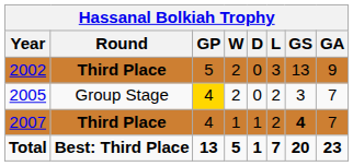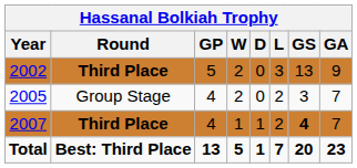 <table class="wikitable" style="text-align: center;font-size:100%;">
 <tr>
 <th colspan=8> <a href='#'>Hassanal Bolkiah Trophy</a></th>
 </tr>
 <tr>
 <th>Year</th>
 <th>Round</th>
 <th>GP</th>
 <th>W</th>
 <th>D</th>
 <th>L</th>
 <th>GS</th>
 <th>GA</th>
 </tr>
 <tr style="background:#CD7F32;">
 <td><a href='#'>2002</a></td>
 <td><strong>Third Place</strong></td>
 <td>5</td>
 <td>2</td>
 <td>0</td>
 <td>3</td>
 <td>13</td>
 <td>9</td>
 </tr>
 <tr>
 <td><a href='#'>2005</a></td>
 <td>Group Stage</td>
-<td style="background: gold;">4</td>
+<td>4</td>
 <td>2</td>
 <td>0</td>
 <td>2</td>
 <td>3</td>
 <td>7</td>
 </tr>
 <tr style="background:#CD7F32;">
 <td><a href='#'>2007</a></td>
 <td><strong>Third Place</strong></td>
 <td>4</td>
 <td>1</td>
 <td>1</td>
 <td>2</td>
 <td><strong>4</strong></td>
 <td>7</td>
 </tr>
 <tr>
 <td><strong>Total</strong></td>
 <td><strong>Best: Third Place</strong></td>
 <td><strong>13</strong></td>
 <td><strong>5</strong></td>
 <td><strong>1</strong></td>
 <td><strong>7</strong></td>
 <td><strong>20</strong></td>
 <td><strong>23</strong></td>
 </tr>
 </table>
